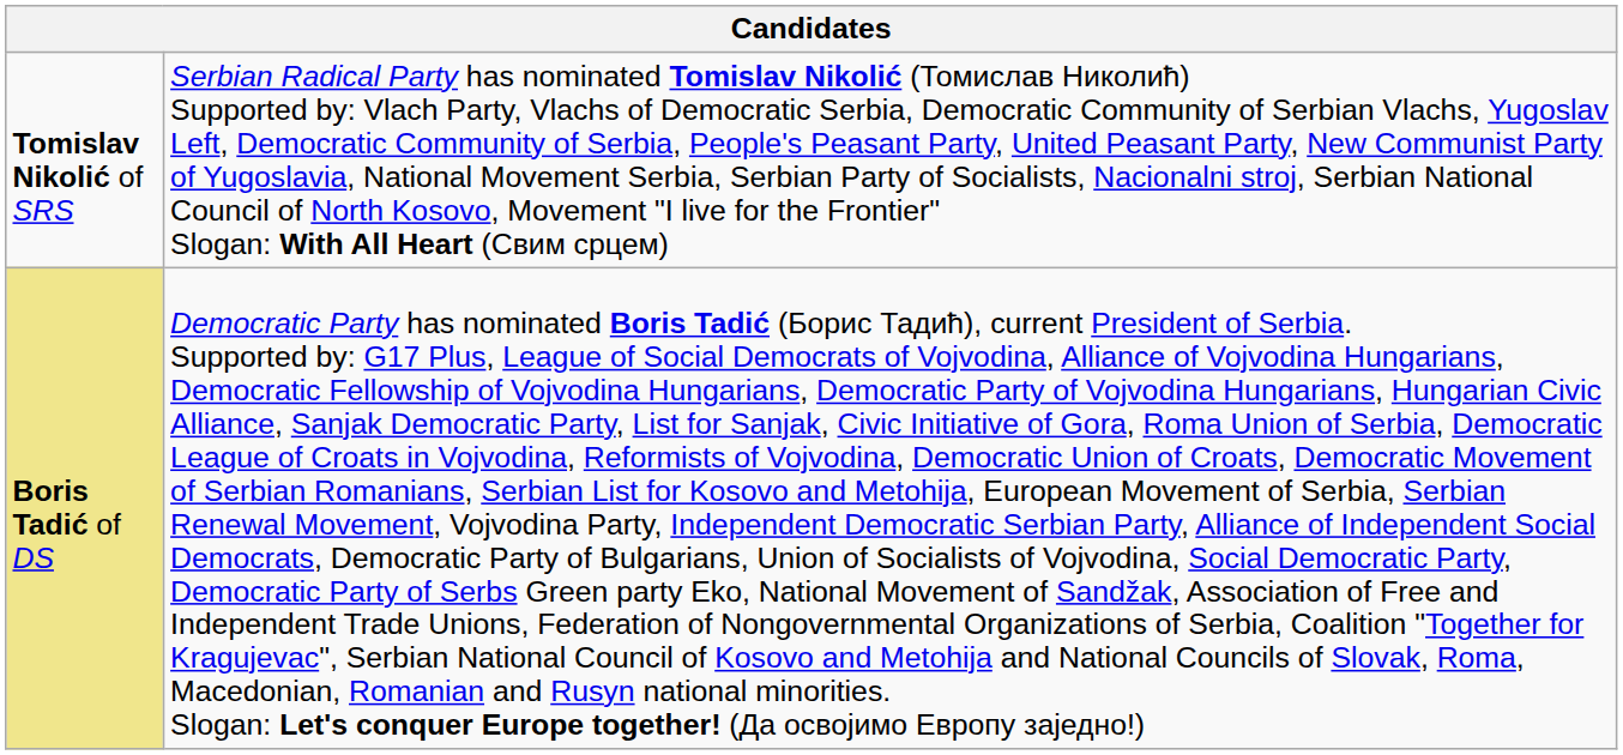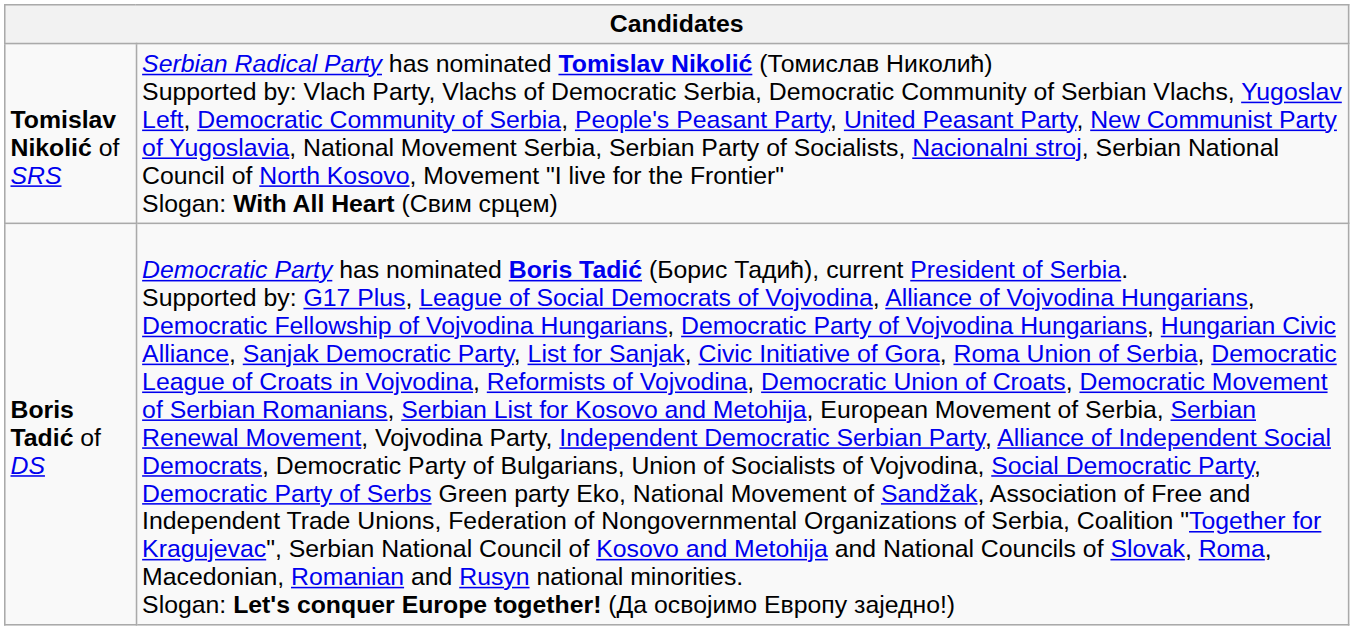 <table class="wikitable">
 <tr>
 <th colspan=2>Candidates</th>
 </tr>
 <tr>
 <td><br><strong>Tomislav Nikolić</strong> of <em><a href='#'>SRS</a></em></td>
 <td><em><a href='#'>Serbian Radical Party</a></em> has nominated <strong><a href='#'>Tomislav Nikolić</a></strong> (Томислав Николић)<br>Supported by: Vlach Party, Vlachs of Democratic Serbia, Democratic Community of Serbian Vlachs, <a href='#'>Yugoslav Left</a>, <a href='#'>Democratic Community of Serbia</a>, <a href='#'>People's Peasant Party</a>, <a href='#'>United Peasant Party</a>, <a href='#'>New Communist Party of Yugoslavia</a>, National Movement Serbia, Serbian Party of Socialists, <a href='#'>Nacionalni stroj</a>, Serbian National Council of <a href='#'>North Kosovo</a>, Movement "I live for the Frontier"<br>Slogan: <strong>With All Heart</strong> (Свим срцем)</td>
 </tr>
 <tr>
-<td style="background: khaki;"><br><strong>Boris Tadić</strong> of <em><a href='#'>DS</a></em></td>
+<td><br><strong>Boris Tadić</strong> of <em><a href='#'>DS</a></em></td>
 <td><br><em><a href='#'>Democratic Party</a></em> has nominated <strong><a href='#'>Boris Tadić</a></strong> (Борис Тадић), current <a href='#'>President of Serbia</a>.<br>Supported by: <a href='#'>G17 Plus</a>, <a href='#'>League of Social Democrats of Vojvodina</a>, <a href='#'>Alliance of Vojvodina Hungarians</a>, <a href='#'>Democratic Fellowship of Vojvodina Hungarians</a>, <a href='#'>Democratic Party of Vojvodina Hungarians</a>, <a href='#'>Hungarian Civic Alliance</a>, <a href='#'>Sanjak Democratic Party</a>, <a href='#'>List for Sanjak</a>, <a href='#'>Civic Initiative of Gora</a>, <a href='#'>Roma Union of Serbia</a>, <a href='#'>Democratic League of Croats in Vojvodina</a>, <a href='#'>Reformists of Vojvodina</a>, <a href='#'>Democratic Union of Croats</a>, <a href='#'>Democratic Movement of Serbian Romanians</a>, <a href='#'>Serbian List for Kosovo and Metohija</a>, European Movement of Serbia, <a href='#'>Serbian Renewal Movement</a>, Vojvodina Party, <a href='#'>Independent Democratic Serbian Party</a>, <a href='#'>Alliance of Independent Social Democrats</a>, Democratic Party of Bulgarians, Union of Socialists of Vojvodina, <a href='#'>Social Democratic Party</a>, <a href='#'>Democratic Party of Serbs</a> Green party Eko, National Movement of <a href='#'>Sandžak</a>, Association of Free and Independent Trade Unions, Federation of Nongovernmental Organizations of Serbia, Coalition "<a href='#'>Together for Kragujevac</a>", Serbian National Council of <a href='#'>Kosovo and Metohija</a> and National Councils of <a href='#'>Slovak</a>, <a href='#'>Roma</a>, Macedonian, <a href='#'>Romanian</a> and <a href='#'>Rusyn</a> national minorities. <br>Slogan: <strong>Let's conquer Europe together!</strong> (Да освојимо Европу заједно!)</td>
 </tr>
 </table>
